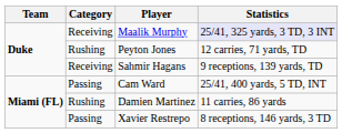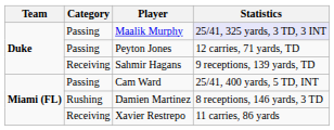 <table class="wikitable" style="float: right;">
 <tr>
 <th>Team</th>
 <th>Category</th>
 <th>Player</th>
 <th>Statistics</th>
 </tr>
 <tr>
 <td rowspan=3><strong>Duke</strong></td>
-<td>Receiving</td>
+<td>Passing</td>
 <td><a href='#'>Maalik Murphy</a></td>
 <td style="background: lavender;">25/41, 325 yards, 3 TD, 3 INT</td>
 </tr>
 <tr>
-<td>Rushing</td>
+<td>Passing</td>
 <td>Peyton Jones</td>
 <td>12 carries, 71 yards, TD</td>
 </tr>
 <tr>
 <td>Receiving</td>
 <td>Sahmir Hagans</td>
 <td>9 receptions, 139 yards, TD</td>
 </tr>
 <tr>
 <td rowspan=3><strong>Miami (FL)</strong></td>
 <td>Passing</td>
 <td>Cam Ward</td>
 <td>25/41, 400 yards, 5 TD, INT</td>
 </tr>
 <tr>
 <td>Rushing</td>
 <td>Damien Martinez</td>
+<td>8 receptions, 146 yards, 3 TD</td>
+</tr>
+<tr>
+<td>Receiving</td>
+<td>Xavier Restrepo</td>
 <td>11 carries, 86 yards</td>
 </tr>
-<tr>
-<td>Passing</td>
-<td>Xavier Restrepo</td>
-<td>8 receptions, 146 yards, 3 TD</td>
-</tr>
 </table>
